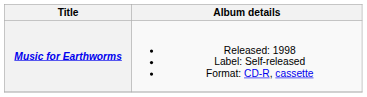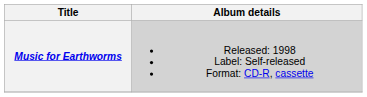 <table class="wikitable plainrowheaders" style="text-align:center;">
 <tr>
 <th scope="col" rowspan="1" style="width:12em;">Title</th>
 <th scope="col" rowspan="1" style="width:22em;">Album details</th>
 </tr>
 <tr>
 <th scope="row"><em><a href='#'>Music for Earthworms</a></em></th>
-<td><br><ul><li>Released: 1998</li><li>Label: Self-released</li><li>Format: <a href='#'>CD-R</a>, <a href='#'>cassette</a></li></ul></td>
+<td style="background: lightgrey;"><br><ul><li>Released: 1998</li><li>Label: Self-released</li><li>Format: <a href='#'>CD-R</a>, <a href='#'>cassette</a></li></ul></td>
 </tr>
 <tr>
 </tr>
 </table>
